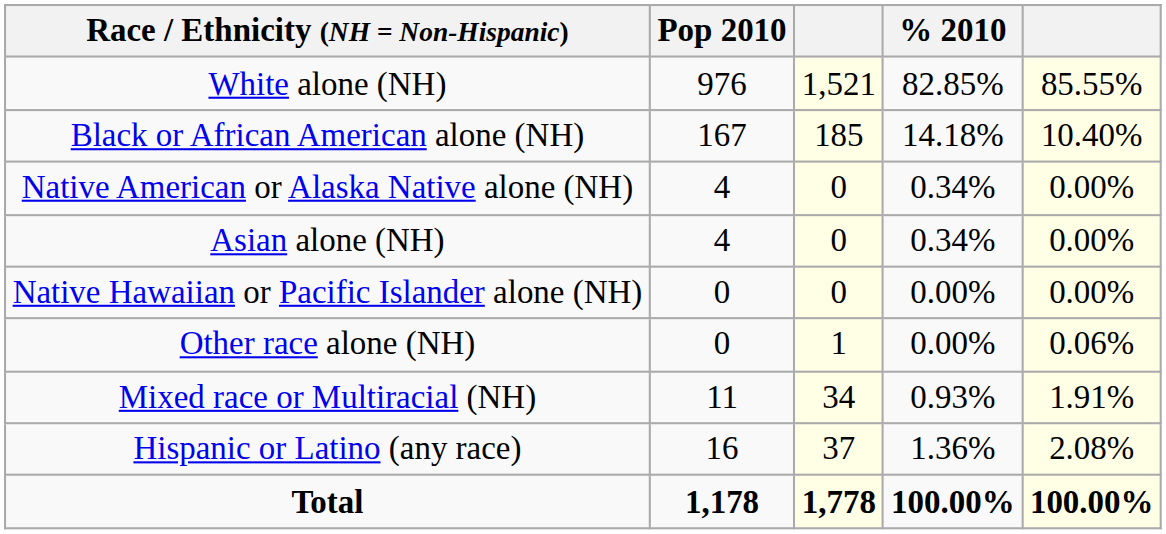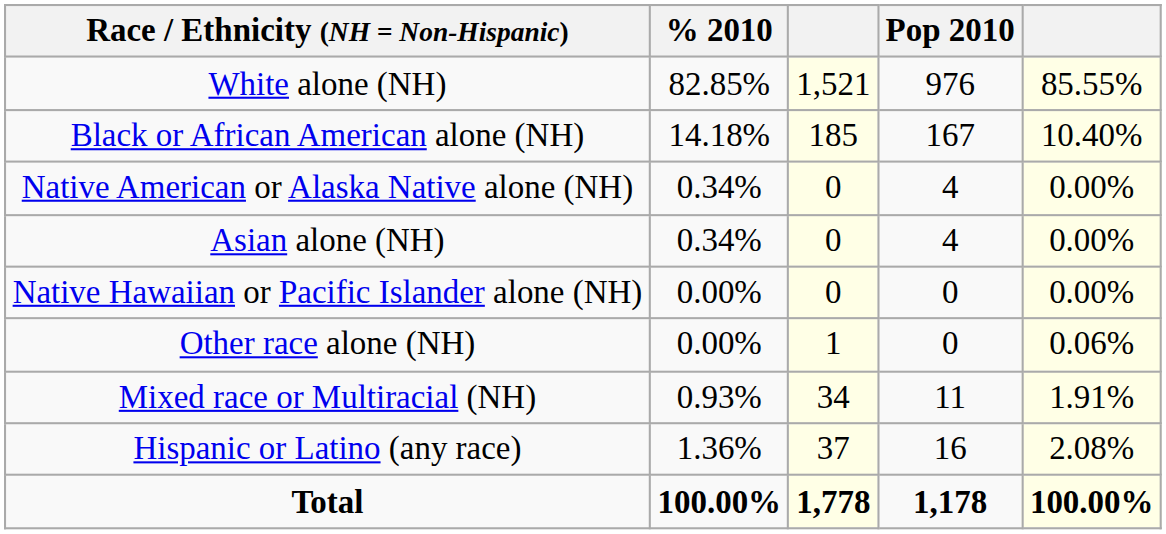 <table class="wikitable" style="text-align:center;">
 <tr>
 <th>Race / Ethnicity <small>(<em>NH = Non-Hispanic</em>)</small></th>
+<th>% 2010</th>
+<th></th>
 <th>Pop 2010</th>
-<th></th>
-<th>% 2010</th>
 <th></th>
 </tr>
 <tr>
 <td><a href='#'>White</a> alone (NH)</td>
+<td>82.85%</td>
+<td style='background: #ffffe6;'>1,521</td>
 <td>976</td>
-<td style='background: #ffffe6;'>1,521</td>
-<td>82.85%</td>
 <td style='background: #ffffe6;'>85.55%</td>
 </tr>
 <tr>
 <td><a href='#'>Black or African American</a> alone (NH)</td>
+<td>14.18%</td>
+<td style='background: #ffffe6;'>185</td>
 <td>167</td>
-<td style='background: #ffffe6;'>185</td>
-<td>14.18%</td>
 <td style='background: #ffffe6;'>10.40%</td>
 </tr>
 <tr>
 <td><a href='#'>Native American</a> or <a href='#'>Alaska Native</a> alone (NH)</td>
+<td>0.34%</td>
+<td style='background: #ffffe6;'>0</td>
 <td>4</td>
-<td style='background: #ffffe6;'>0</td>
-<td>0.34%</td>
 <td style='background: #ffffe6;'>0.00%</td>
 </tr>
 <tr>
 <td><a href='#'>Asian</a> alone (NH)</td>
+<td>0.34%</td>
+<td style='background: #ffffe6;'>0</td>
 <td>4</td>
-<td style='background: #ffffe6;'>0</td>
-<td>0.34%</td>
 <td style='background: #ffffe6;'>0.00%</td>
 </tr>
 <tr>
 <td><a href='#'>Native Hawaiian</a> or <a href='#'>Pacific Islander</a> alone (NH)</td>
+<td>0.00%</td>
+<td style='background: #ffffe6;'>0</td>
 <td>0</td>
-<td style='background: #ffffe6;'>0</td>
-<td>0.00%</td>
 <td style='background: #ffffe6;'>0.00%</td>
 </tr>
 <tr>
 <td><a href='#'>Other race</a> alone (NH)</td>
+<td>0.00%</td>
+<td style='background: #ffffe6;'>1</td>
 <td>0</td>
-<td style='background: #ffffe6;'>1</td>
-<td>0.00%</td>
 <td style='background: #ffffe6;'>0.06%</td>
 </tr>
 <tr>
 <td><a href='#'>Mixed race or Multiracial</a> (NH)</td>
+<td>0.93%</td>
+<td style='background: #ffffe6;'>34</td>
 <td>11</td>
-<td style='background: #ffffe6;'>34</td>
-<td>0.93%</td>
 <td style='background: #ffffe6;'>1.91%</td>
 </tr>
 <tr>
 <td><a href='#'>Hispanic or Latino</a> (any race)</td>
+<td>1.36%</td>
+<td style='background: #ffffe6;'>37</td>
 <td>16</td>
-<td style='background: #ffffe6;'>37</td>
-<td>1.36%</td>
 <td style='background: #ffffe6;'>2.08%</td>
 </tr>
 <tr>
 <td><strong>Total</strong></td>
+<td><strong>100.00%</strong></td>
+<td style='background: #ffffe6;'><strong>1,778</strong></td>
 <td><strong>1,178</strong></td>
-<td style='background: #ffffe6;'><strong>1,778</strong></td>
-<td><strong>100.00%</strong></td>
 <td style='background: #ffffe6;'><strong>100.00%</strong></td>
 </tr>
 </table>
